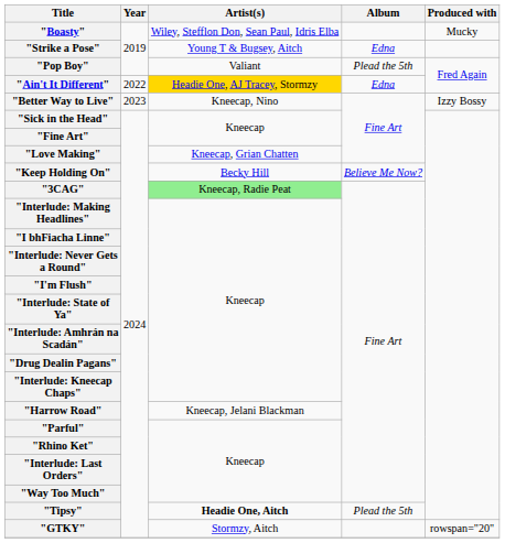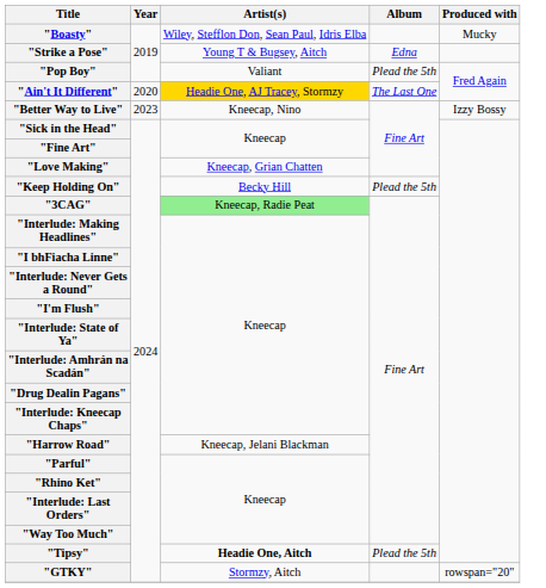 <table class="wikitable plainrowheaders" style="text-align:center;">
 <tr>
 <th scope="col" style="width:160px;">Title</th>
 <th scope="col">Year</th>
 <th scope="col">Artist(s)</th>
 <th scope="col">Album</th>
 <th scope="col">Produced with</th>
 </tr>
 <tr>
 <th scope="row">"<a href='#'>Boasty</a>"</th>
 <td rowspan="3">2019</td>
 <td><a href='#'>Wiley</a>, <a href='#'>Stefflon Don</a>, <a href='#'>Sean Paul</a>, <a href='#'>Idris Elba</a></td>
 <td></td>
 <td>Mucky</td>
 </tr>
 <tr>
 <th scope="row">"Strike a Pose"</th>
 <td><a href='#'>Young T & Bugsey</a>, <a href='#'>Aitch</a></td>
 <td><em><a href='#'>Edna</a></em></td>
 <td></td>
 </tr>
 <tr>
 <th scope="row">"Pop Boy"</th>
 <td>Valiant</td>
 <td><em>Plead the 5th</em></td>
 <td rowspan="2"><a href='#'>Fred Again</a></td>
 </tr>
 <tr>
 <th scope="row">"<a href='#'>Ain't It Different</a>"</th>
-<td>2022</td>
+<td>2020</td>
 <td style="background: gold;"><a href='#'>Headie One</a>, <a href='#'>AJ Tracey</a>, Stormzy</td>
-<td><em><a href='#'>Edna</a></em></td>
+<td><em><a href='#'>The Last One</a></em></td>
 </tr>
 <tr>
 <th scope="row">"Better Way to Live"</th>
 <td>2023</td>
 <td>Kneecap, Nino</td>
 <td rowspan="4"><em><a href='#'>Fine Art</a></em></td>
 <td>Izzy Bossy</td>
 </tr>
 <tr>
 <th scope="row">"Sick in the Head"</th>
 <td rowspan="20">2024</td>
 <td rowspan="2">Kneecap</td>
 </tr>
 <tr>
 <th scope="row">"Fine Art"</th>
 </tr>
 <tr>
 <th scope="row">"Love Making"</th>
 <td><a href='#'>Kneecap</a>, <a href='#'>Grian Chatten</a></td>
 </tr>
 <tr>
 <th scope="row">"Keep Holding On"</th>
 <td><a href='#'>Becky Hill</a></td>
-<td><em><a href='#'>Believe Me Now?</a></em></td>
+<td><em>Plead the 5th</em></td>
 </tr>
 <tr>
 <th scope="row">"3CAG"</th>
 <td style="background: lightgreen;">Kneecap, Radie Peat</td>
 <td rowspan="14"><em>Fine Art</em></td>
 </tr>
 <tr>
 <th scope="row">"Interlude: Making Headlines"</th>
 <td rowspan="8">Kneecap</td>
 </tr>
 <tr>
 <th scope="row">"I bhFiacha Linne"</th>
 </tr>
 <tr>
 <th scope="row">"Interlude: Never Gets a Round"</th>
 </tr>
 <tr>
 <th scope="row">"I'm Flush"</th>
 </tr>
 <tr>
 <th scope="row">"Interlude: State of Ya"</th>
 </tr>
 <tr>
 <th scope="row">"Interlude: Amhrán na Scadán"</th>
 </tr>
 <tr>
 <th scope="row">"Drug Dealin Pagans"</th>
 </tr>
 <tr>
 <th scope="row">"Interlude: Kneecap Chaps"</th>
 </tr>
 <tr>
 <th scope="row">"Harrow Road"</th>
 <td>Kneecap, Jelani Blackman</td>
 </tr>
 <tr>
 <th scope="row">"Parful"</th>
 <td rowspan="4">Kneecap</td>
 </tr>
 <tr>
 <th scope="row">"Rhino Ket"</th>
 </tr>
 <tr>
 <th scope="row">"Interlude: Last Orders"</th>
 </tr>
 <tr>
 <th scope="row">"Way Too Much"</th>
 </tr>
 <tr>
 <th scope="row">"Tipsy"</th>
 <td><strong>Headie One, Aitch</strong></td>
 <td><em>Plead the 5th</em></td>
 </tr>
 <tr>
 <th scope="row">"GTKY"</th>
 <td><a href='#'>Stormzy</a>, Aitch</td>
 <td></td>
 <td>rowspan="20" </td>
 </tr>
 <tr>
 </tr>
 </table>
